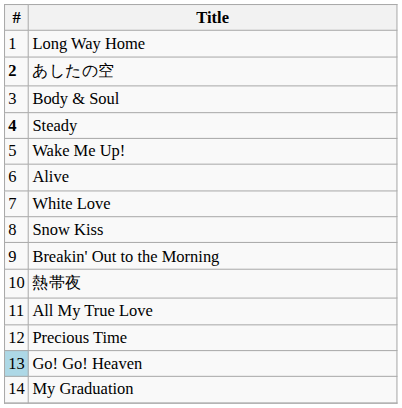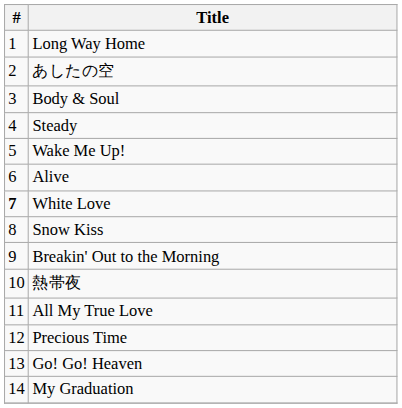 <table class="wikitable">
 <tr>
 <th>#</th>
 <th width="350">Title</th>
 </tr>
 <tr>
 <td>1</td>
 <td>Long Way Home</td>
 </tr>
 <tr>
-<td><strong>2</strong></td>
+<td>2</td>
 <td>あしたの空</td>
 </tr>
 <tr>
 <td>3</td>
 <td>Body & Soul</td>
 </tr>
 <tr>
-<td><strong>4</strong></td>
+<td>4</td>
 <td>Steady</td>
 </tr>
 <tr>
 <td>5</td>
 <td>Wake Me Up!</td>
 </tr>
 <tr>
 <td>6</td>
 <td>Alive</td>
 </tr>
 <tr>
-<td>7</td>
+<td><strong>7</strong></td>
 <td>White Love</td>
 </tr>
 <tr>
 <td>8</td>
 <td>Snow Kiss</td>
 </tr>
 <tr>
 <td>9</td>
 <td>Breakin' Out to the Morning</td>
 </tr>
 <tr>
 <td>10</td>
 <td>熱帯夜</td>
 </tr>
 <tr>
 <td>11</td>
 <td>All My True Love</td>
 </tr>
 <tr>
 <td>12</td>
 <td>Precious Time</td>
 </tr>
 <tr>
-<td style="background: lightblue;">13</td>
+<td>13</td>
 <td>Go! Go! Heaven</td>
 </tr>
 <tr>
 <td>14</td>
 <td>My Graduation</td>
 </tr>
 <tr>
 </tr>
 </table>
